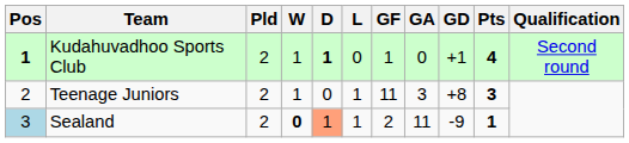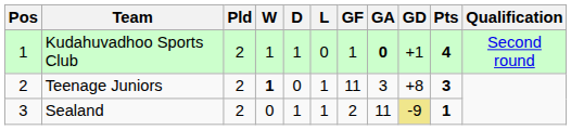 <table class="wikitable" style="text-align:center">
 <tr>
 <th style="width:20px;" abbr="Position">Pos</th>
 <th width=175>Team</th>
 <th style="width:20px;" abbr="Played">Pld</th>
 <th style="width:20px;" abbr="Won">W</th>
 <th style="width:20px;" abbr="Drawn">D</th>
 <th style="width:20px;" abbr="Lost">L</th>
 <th style="width:20px;" abbr="Goals for">GF</th>
 <th style="width:20px;" abbr="Goals against">GA</th>
 <th style="width:20px;" abbr="Goal difference">GD</th>
 <th style="width:20px;" abbr="Points">Pts</th>
 <th style="width:20px;">Qualification</th>
 </tr>
 <tr style="background:#cfc;">
-<td><strong>1</strong></td>
+<td>1</td>
 <td align=left>Kudahuvadhoo Sports Club</td>
 <td>2</td>
 <td>1</td>
-<td><strong>1</strong></td>
+<td>1</td>
 <td>0</td>
 <td>1</td>
-<td>0</td>
+<td><strong>0</strong></td>
 <td>+1</td>
 <td><strong>4</strong></td>
 <td><a href='#'>Second round</a></td>
 </tr>
 <tr>
 <td>2</td>
 <td align=left>Teenage Juniors</td>
 <td>2</td>
-<td>1</td>
+<td><strong>1</strong></td>
 <td>0</td>
 <td>1</td>
 <td>11</td>
 <td>3</td>
 <td>+8</td>
 <td><strong>3</strong></td>
 </tr>
 <tr>
-<td style="background: lightblue;">3</td>
+<td>3</td>
 <td align=left>Sealand</td>
 <td>2</td>
-<td><strong>0</strong></td>
-<td style="background: lightsalmon;">1</td>
+<td>0</td>
+<td>1</td>
 <td>1</td>
 <td>2</td>
 <td>11</td>
-<td>-9</td>
+<td style="background: khaki;">-9</td>
 <td><strong>1</strong></td>
 </tr>
 </table>
